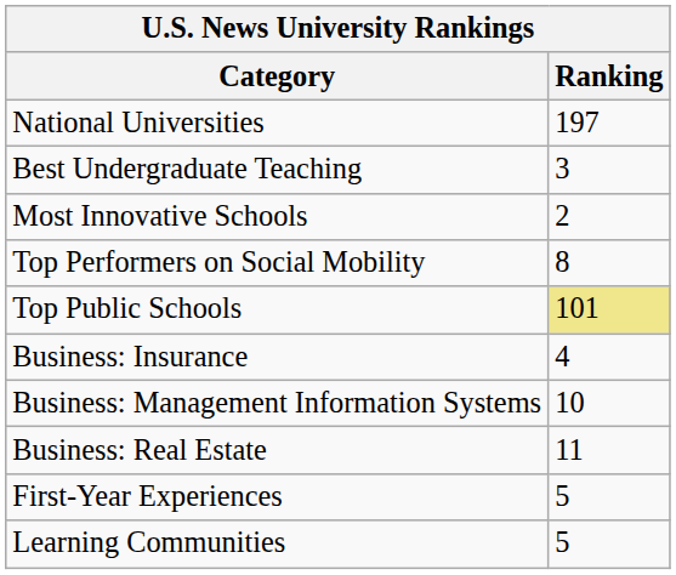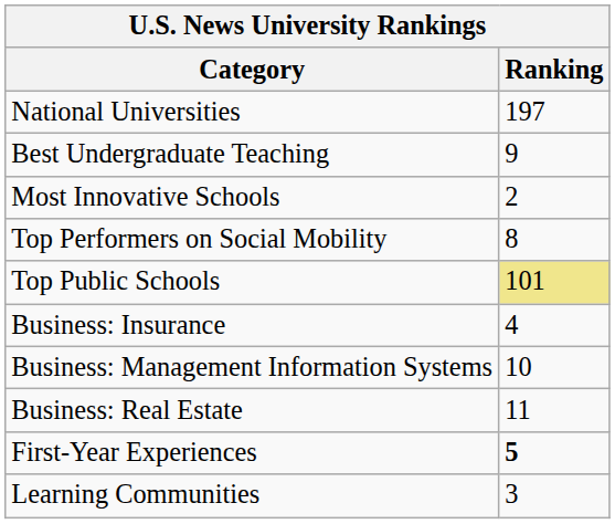 <table class="wikitable sortable collapsible collapsed floatright" "text-align:center">
 <tr>
 <th colspan=4>U.S. News University Rankings </th>
 </tr>
 <tr>
 <th>Category</th>
 <th>Ranking</th>
 </tr>
 <tr>
 <td>National Universities</td>
 <td>197</td>
 </tr>
 <tr>
 <td>Best Undergraduate Teaching</td>
-<td>3</td>
+<td>9</td>
 </tr>
 <tr>
 <td>Most Innovative Schools</td>
 <td>2</td>
 </tr>
 <tr>
 <td>Top Performers on Social Mobility</td>
 <td>8</td>
 </tr>
 <tr>
 <td>Top Public Schools</td>
 <td style="background: khaki;">101</td>
 </tr>
 <tr>
 <td>Business: Insurance</td>
 <td>4</td>
 </tr>
 <tr>
 <td>Business: Management Information Systems</td>
 <td>10</td>
 </tr>
 <tr>
 <td>Business: Real Estate</td>
 <td>11</td>
 </tr>
 <tr>
 <td>First-Year Experiences</td>
-<td>5</td>
+<td><strong>5</strong></td>
 </tr>
 <tr>
 <td>Learning Communities</td>
-<td>5</td>
+<td>3</td>
 </tr>
 </table>
